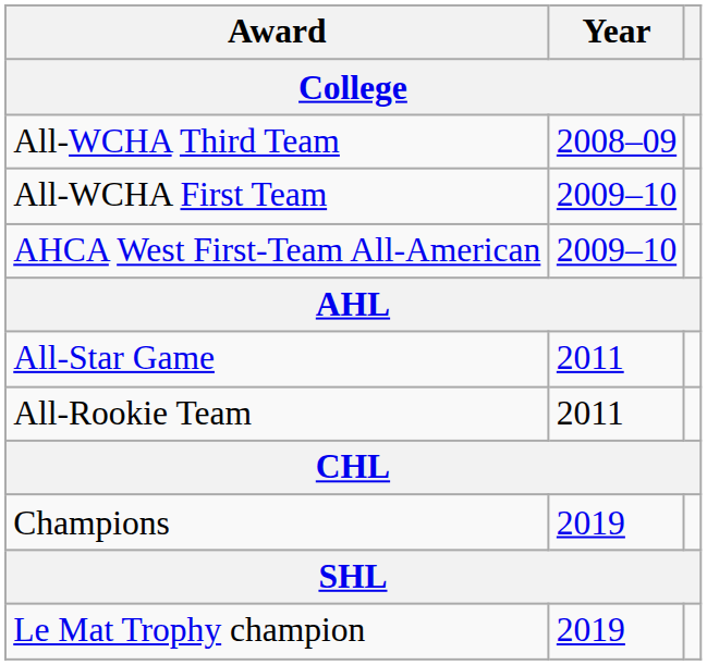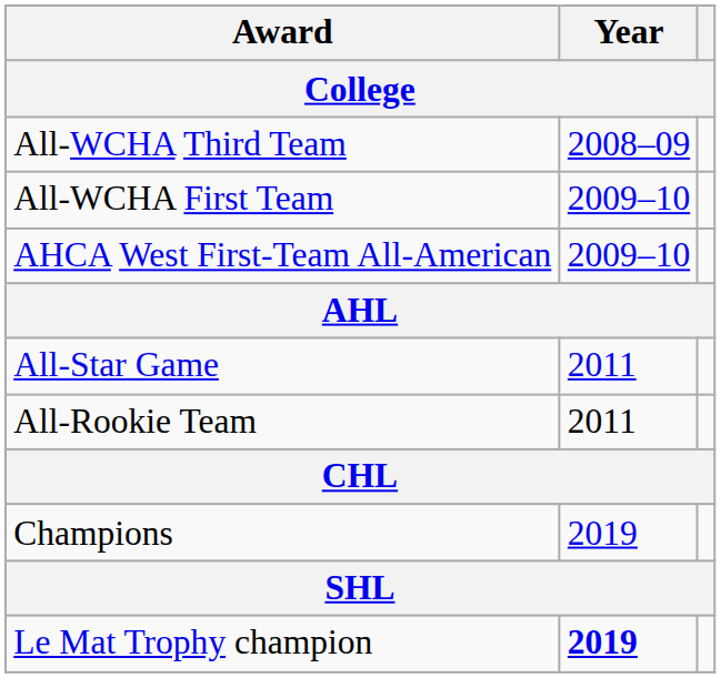 <table class="wikitable">
 <tr>
 <th>Award</th>
 <th>Year</th>
 <th></th>
 </tr>
 <tr>
 <th colspan="3"><a href='#'>College</a></th>
 </tr>
 <tr>
 <td>All-<a href='#'>WCHA</a> <a href='#'>Third Team</a></td>
 <td><a href='#'>2008–09</a></td>
 <td></td>
 </tr>
 <tr>
 <td>All-WCHA <a href='#'>First Team</a></td>
 <td><a href='#'>2009–10</a></td>
 <td></td>
 </tr>
 <tr>
 <td><a href='#'>AHCA</a> <a href='#'>West First-Team All-American</a></td>
 <td><a href='#'>2009–10</a></td>
 <td></td>
 </tr>
 <tr>
 <th colspan="3"><a href='#'>AHL</a></th>
 </tr>
 <tr>
 <td><a href='#'>All-Star Game</a></td>
 <td><a href='#'>2011</a></td>
 <td></td>
 </tr>
 <tr>
 <td>All-Rookie Team</td>
 <td>2011</td>
 <td></td>
 </tr>
 <tr>
 <th colspan="3"><a href='#'>CHL</a></th>
 </tr>
 <tr>
 <td>Champions</td>
 <td><a href='#'>2019</a></td>
 <td></td>
 </tr>
 <tr>
 <th colspan="3"><a href='#'>SHL</a></th>
 </tr>
 <tr>
 <td><a href='#'>Le Mat Trophy</a> champion</td>
-<td><a href='#'>2019</a></td>
+<td><strong><a href='#'>2019</a></strong></td>
 <td></td>
 </tr>
 </table>
